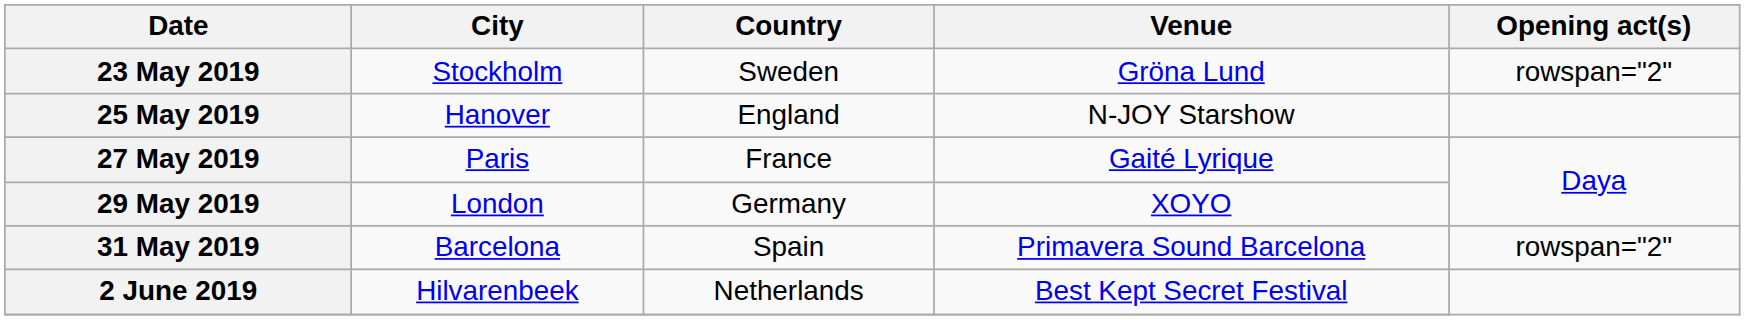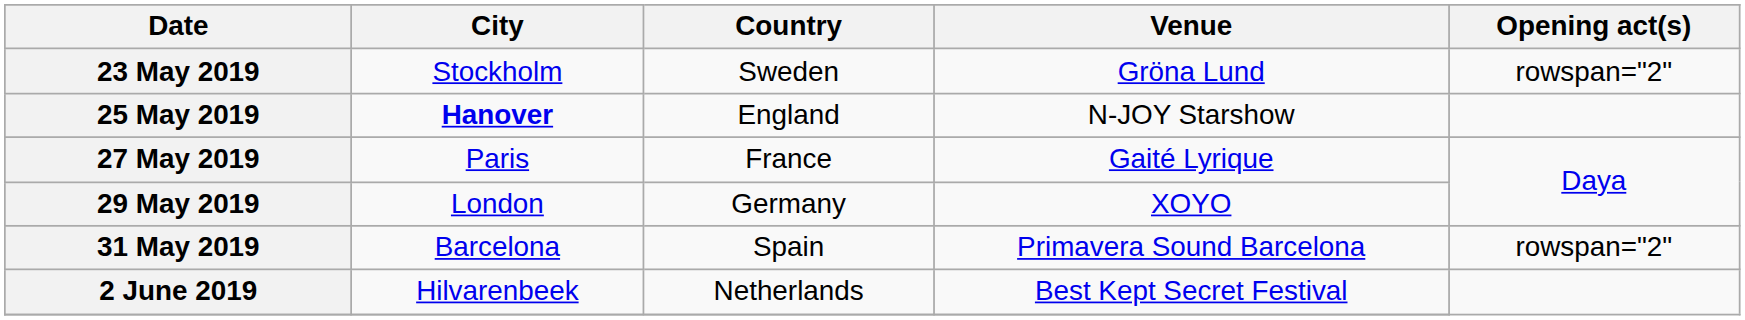 <table class="wikitable plainrowheaders" style="text-align:center;">
 <tr>
 <th scope="col" style="width:12em;">Date</th>
 <th scope="col" style="width:10em;">City</th>
 <th scope="col" style="width:10em;">Country</th>
 <th scope="col" style="width:18em;">Venue</th>
 <th scope="col" style="width:10em;">Opening act(s)</th>
 </tr>
 <tr>
 <th scope="row">23 May 2019</th>
 <td><a href='#'>Stockholm</a></td>
 <td>Sweden</td>
 <td><a href='#'>Gröna Lund</a></td>
 <td>rowspan="2" </td>
 </tr>
 <tr>
 <th scope="row">25 May 2019</th>
-<td><a href='#'>Hanover</a></td>
+<td><strong><a href='#'>Hanover</a></strong></td>
 <td>England</td>
 <td>N-JOY Starshow</td>
 </tr>
 <tr>
 <th scope="row">27 May 2019</th>
 <td><a href='#'>Paris</a></td>
 <td>France</td>
 <td><a href='#'>Gaité Lyrique</a></td>
 <td rowspan="2"><a href='#'>Daya</a></td>
 </tr>
 <tr>
 <th scope="row">29 May 2019</th>
 <td><a href='#'>London</a></td>
 <td>Germany</td>
 <td><a href='#'>XOYO</a></td>
 </tr>
 <tr>
 <th scope="row">31 May 2019</th>
 <td><a href='#'>Barcelona</a></td>
 <td>Spain</td>
 <td><a href='#'>Primavera Sound Barcelona</a></td>
 <td>rowspan="2" </td>
 </tr>
 <tr>
 <th scope="row">2 June 2019</th>
 <td><a href='#'>Hilvarenbeek</a></td>
 <td>Netherlands</td>
 <td><a href='#'>Best Kept Secret Festival</a></td>
 </tr>
 <tr>
 </tr>
 </table>
